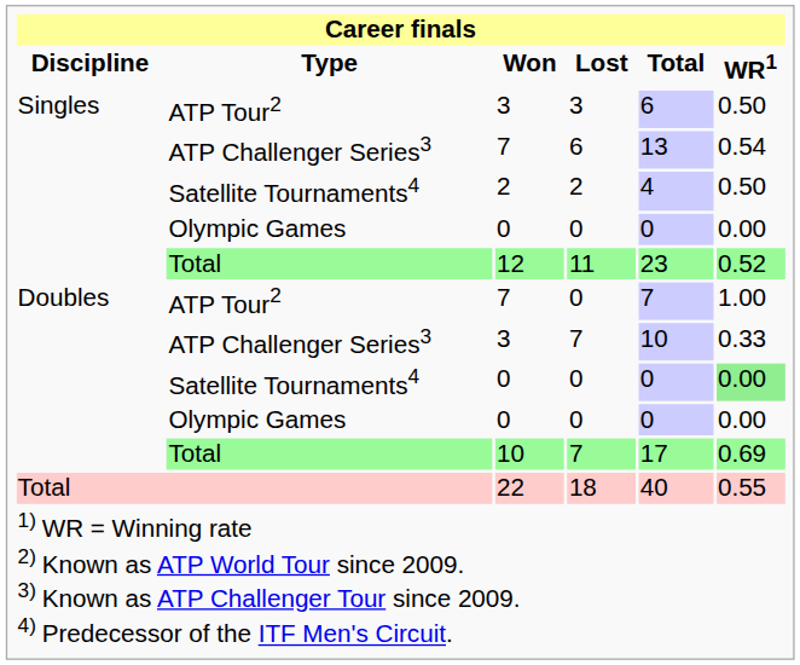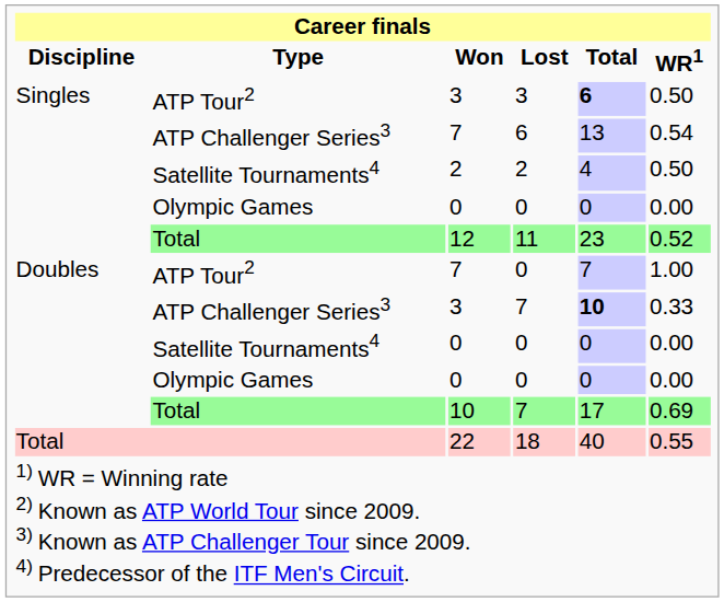 <table class="infobox vcard vevent" style="width:40%;">
 <tr bgcolor=FFFF99>
 <th colspan=6>Career finals</th>
 </tr>
 <tr>
 <th>Discipline</th>
 <th>Type</th>
 <th>Won</th>
 <th>Lost</th>
 <th>Total</th>
 <th>WR<sup>1</sup></th>
 </tr>
 <tr>
 <td rowspan=5>Singles</td>
 <td>ATP Tour<sup>2</sup></td>
 <td>3</td>
 <td>3</td>
-<td bgcolor=CCCCFF>6</td>
+<td bgcolor=CCCCFF><strong>6</strong></td>
 <td>0.50</td>
 </tr>
 <tr>
 <td>ATP Challenger Series<sup>3</sup></td>
 <td>7</td>
 <td>6</td>
 <td bgcolor=CCCCFF>13</td>
 <td>0.54</td>
 </tr>
 <tr>
 <td>Satellite Tournaments<sup>4</sup></td>
 <td>2</td>
 <td>2</td>
 <td bgcolor=CCCCFF>4</td>
 <td>0.50</td>
 </tr>
 <tr>
 <td>Olympic Games</td>
 <td>0</td>
 <td>0</td>
 <td bgcolor=CCCCFF>0</td>
 <td>0.00</td>
 </tr>
 <tr bgcolor=98fb98>
 <td>Total</td>
 <td>12</td>
 <td>11</td>
 <td>23</td>
 <td>0.52</td>
 </tr>
 <tr>
 <td rowspan=5>Doubles</td>
 <td>ATP Tour<sup>2</sup></td>
 <td>7</td>
 <td>0</td>
 <td bgcolor=CCCCFF>7</td>
 <td>1.00</td>
 </tr>
 <tr>
 <td>ATP Challenger Series<sup>3</sup></td>
 <td>3</td>
 <td>7</td>
-<td bgcolor=CCCCFF>10</td>
+<td bgcolor=CCCCFF><strong>10</strong></td>
 <td>0.33</td>
 </tr>
 <tr>
 <td>Satellite Tournaments<sup>4</sup></td>
 <td>0</td>
 <td>0</td>
 <td bgcolor=CCCCFF>0</td>
-<td style="background: lightgreen;">0.00</td>
+<td>0.00</td>
 </tr>
 <tr>
 <td>Olympic Games</td>
 <td>0</td>
 <td>0</td>
 <td bgcolor=CCCCFF>0</td>
 <td>0.00</td>
 </tr>
 <tr bgcolor=98fb98>
 <td>Total</td>
 <td>10</td>
 <td>7</td>
 <td>17</td>
 <td>0.69</td>
 </tr>
 <tr bgcolor=FFCCCC>
 <td colspan=2>Total</td>
 <td>22</td>
 <td>18</td>
 <td>40</td>
 <td>0.55</td>
 </tr>
 <tr>
 <td colspan=6><sup>1) </sup>WR = Winning rate<br><sup>2) </sup> Known as <a href='#'>ATP World Tour</a> since 2009.<br><sup>3) </sup> Known as <a href='#'>ATP Challenger Tour</a> since 2009.<br><sup>4) </sup> Predecessor of the <a href='#'>ITF Men's Circuit</a>.</td>
 </tr>
 </table>
